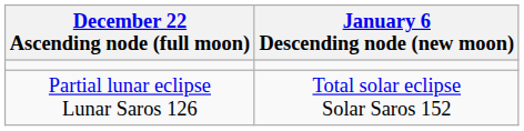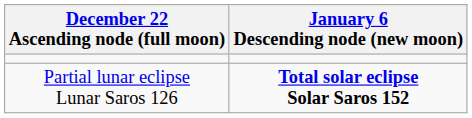 <table class="wikitable">
 <tr>
 <th><a href='#'>December 22</a><br>Ascending node (full moon)<br></th>
 <th><a href='#'>January 6</a><br>Descending node (new moon)<br></th>
 </tr>
 <tr>
 <td></td>
 <td></td>
 </tr>
 <tr align=center>
 <td><a href='#'>Partial lunar eclipse</a><br>Lunar Saros 126</td>
-<td><a href='#'>Total solar eclipse</a><br>Solar Saros 152</td>
+<td><strong><a href='#'>Total solar eclipse</a><br>Solar Saros 152</strong></td>
 </tr>
 </table>
